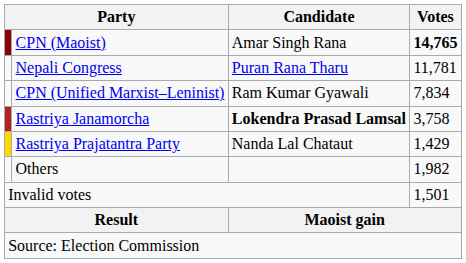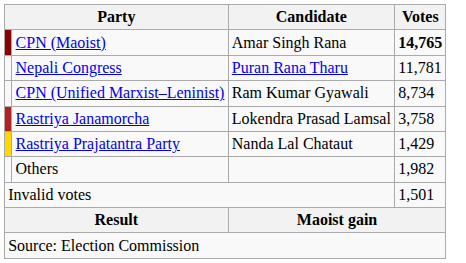 <table class="wikitable">
 <tr>
 <th colspan="2">Party</th>
 <th>Candidate</th>
 <th>Votes</th>
 </tr>
 <tr>
 <td style="background-color:darkred"></td>
 <td><a href='#'>CPN (Maoist)</a></td>
 <td>Amar Singh Rana</td>
 <td><strong>14,765</strong></td>
 </tr>
 <tr>
 <td style="background-color:"></td>
 <td><a href='#'>Nepali Congress</a></td>
 <td><a href='#'>Puran Rana Tharu</a></td>
 <td>11,781</td>
 </tr>
 <tr>
 <td style="background-color:"></td>
 <td><a href='#'>CPN (Unified Marxist–Leninist)</a></td>
 <td>Ram Kumar Gyawali</td>
-<td>7,834</td>
+<td>8,734</td>
 </tr>
 <tr>
 <td style="background-color:firebrick"></td>
 <td><a href='#'>Rastriya Janamorcha</a></td>
-<td><strong>Lokendra Prasad Lamsal</strong></td>
+<td>Lokendra Prasad Lamsal</td>
 <td>3,758</td>
 </tr>
 <tr>
 <td style="background-color:gold"></td>
 <td><a href='#'>Rastriya Prajatantra Party</a></td>
 <td>Nanda Lal Chataut</td>
 <td>1,429</td>
 </tr>
 <tr>
 <td></td>
 <td>Others</td>
 <td></td>
 <td>1,982</td>
 </tr>
 <tr>
 <td colspan="3">Invalid votes</td>
 <td>1,501</td>
 </tr>
 <tr>
 <th colspan="2">Result</th>
 <th colspan="2">Maoist gain</th>
 </tr>
 <tr>
 <td colspan="4">Source: Election Commission</td>
 </tr>
 </table>
